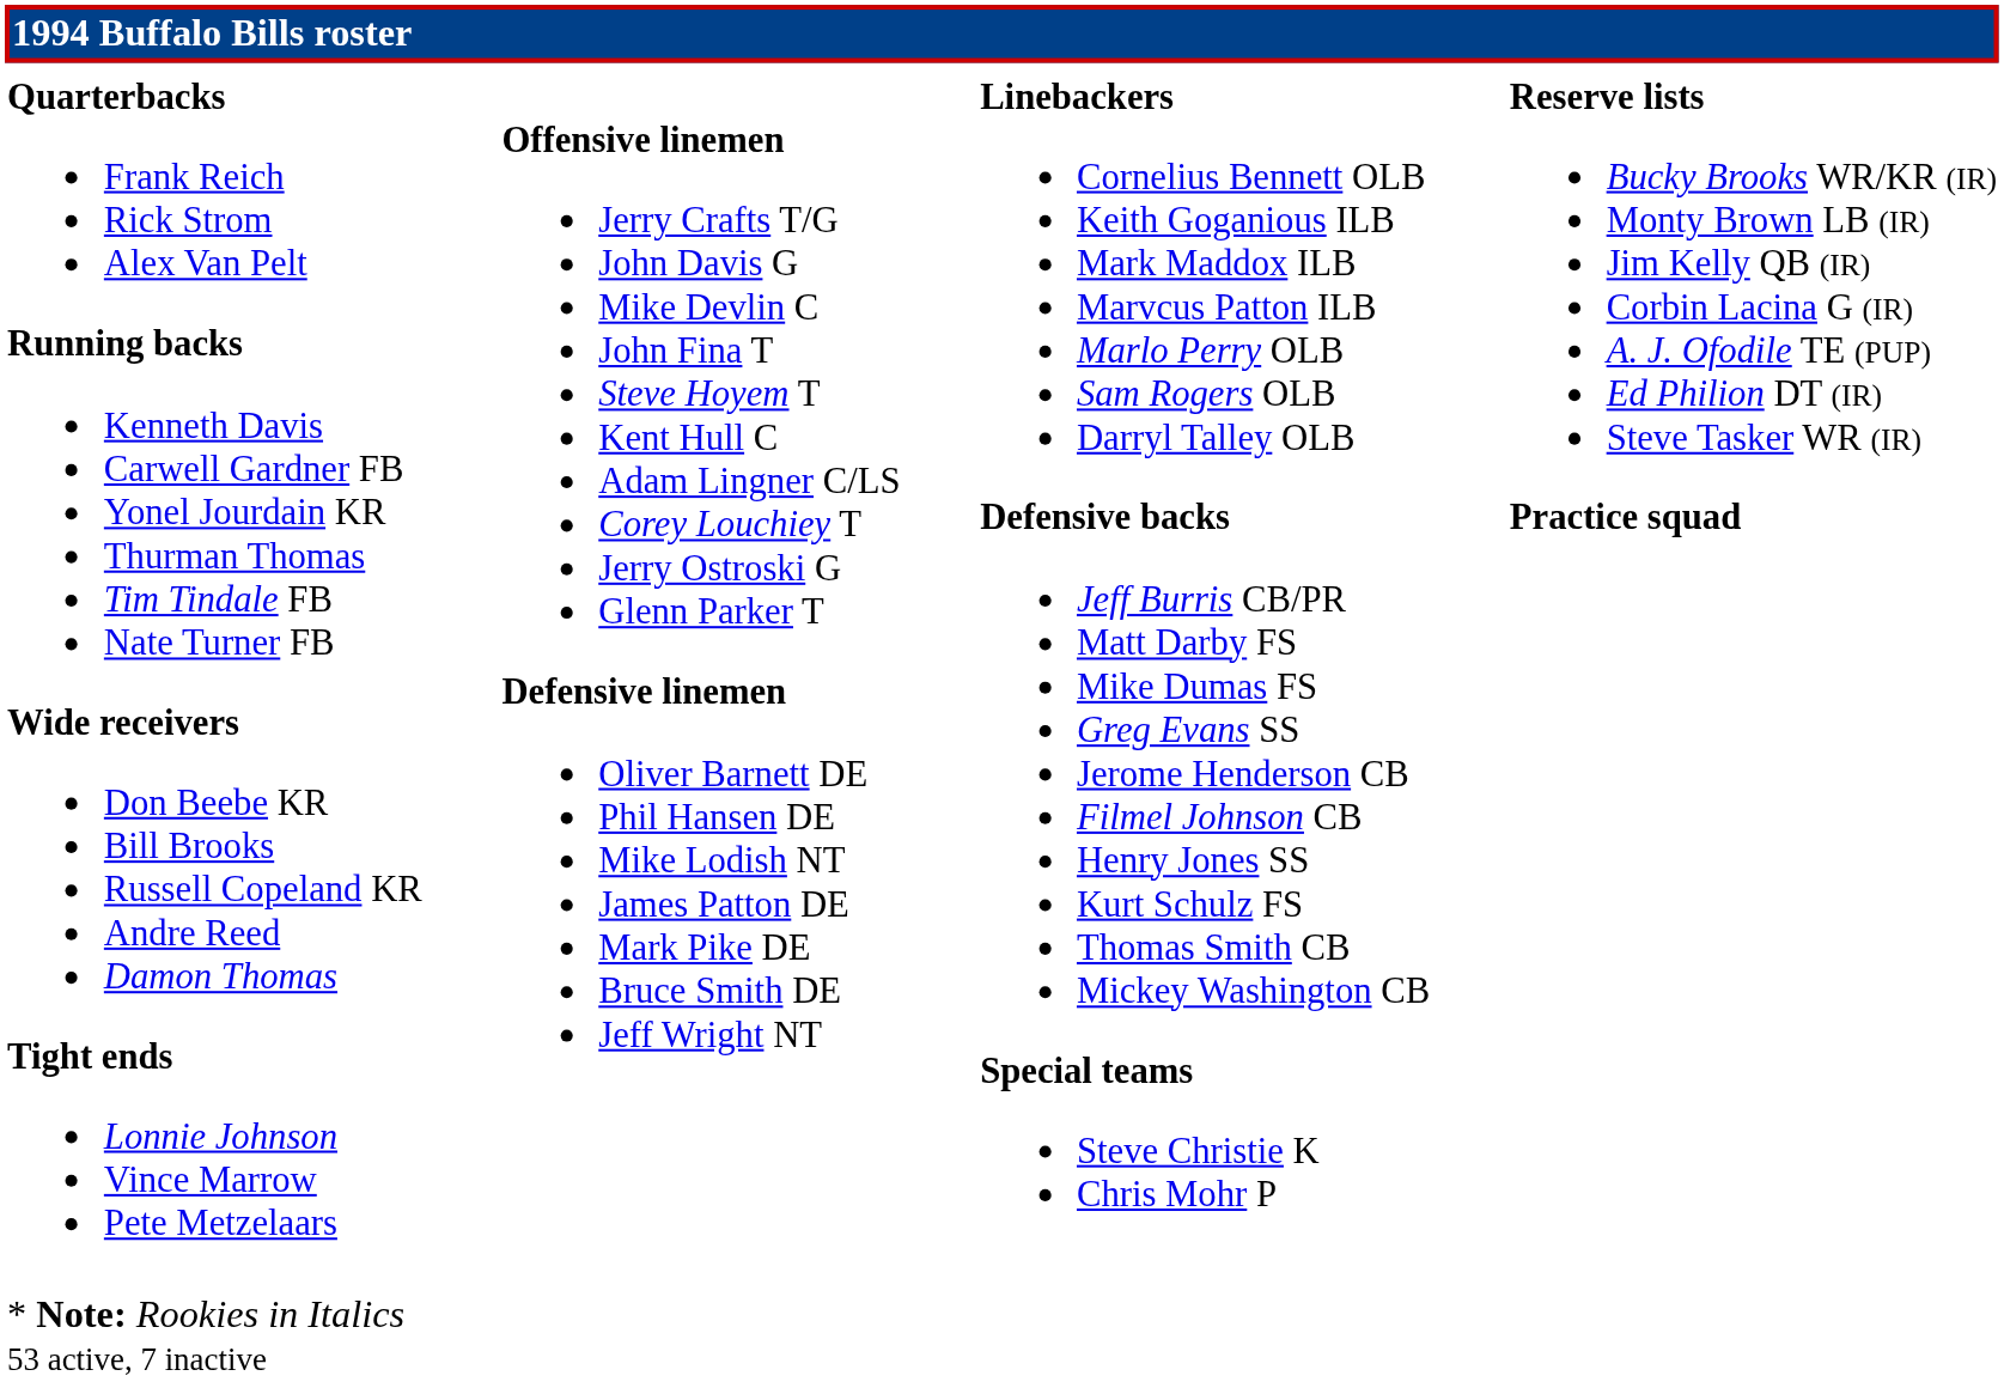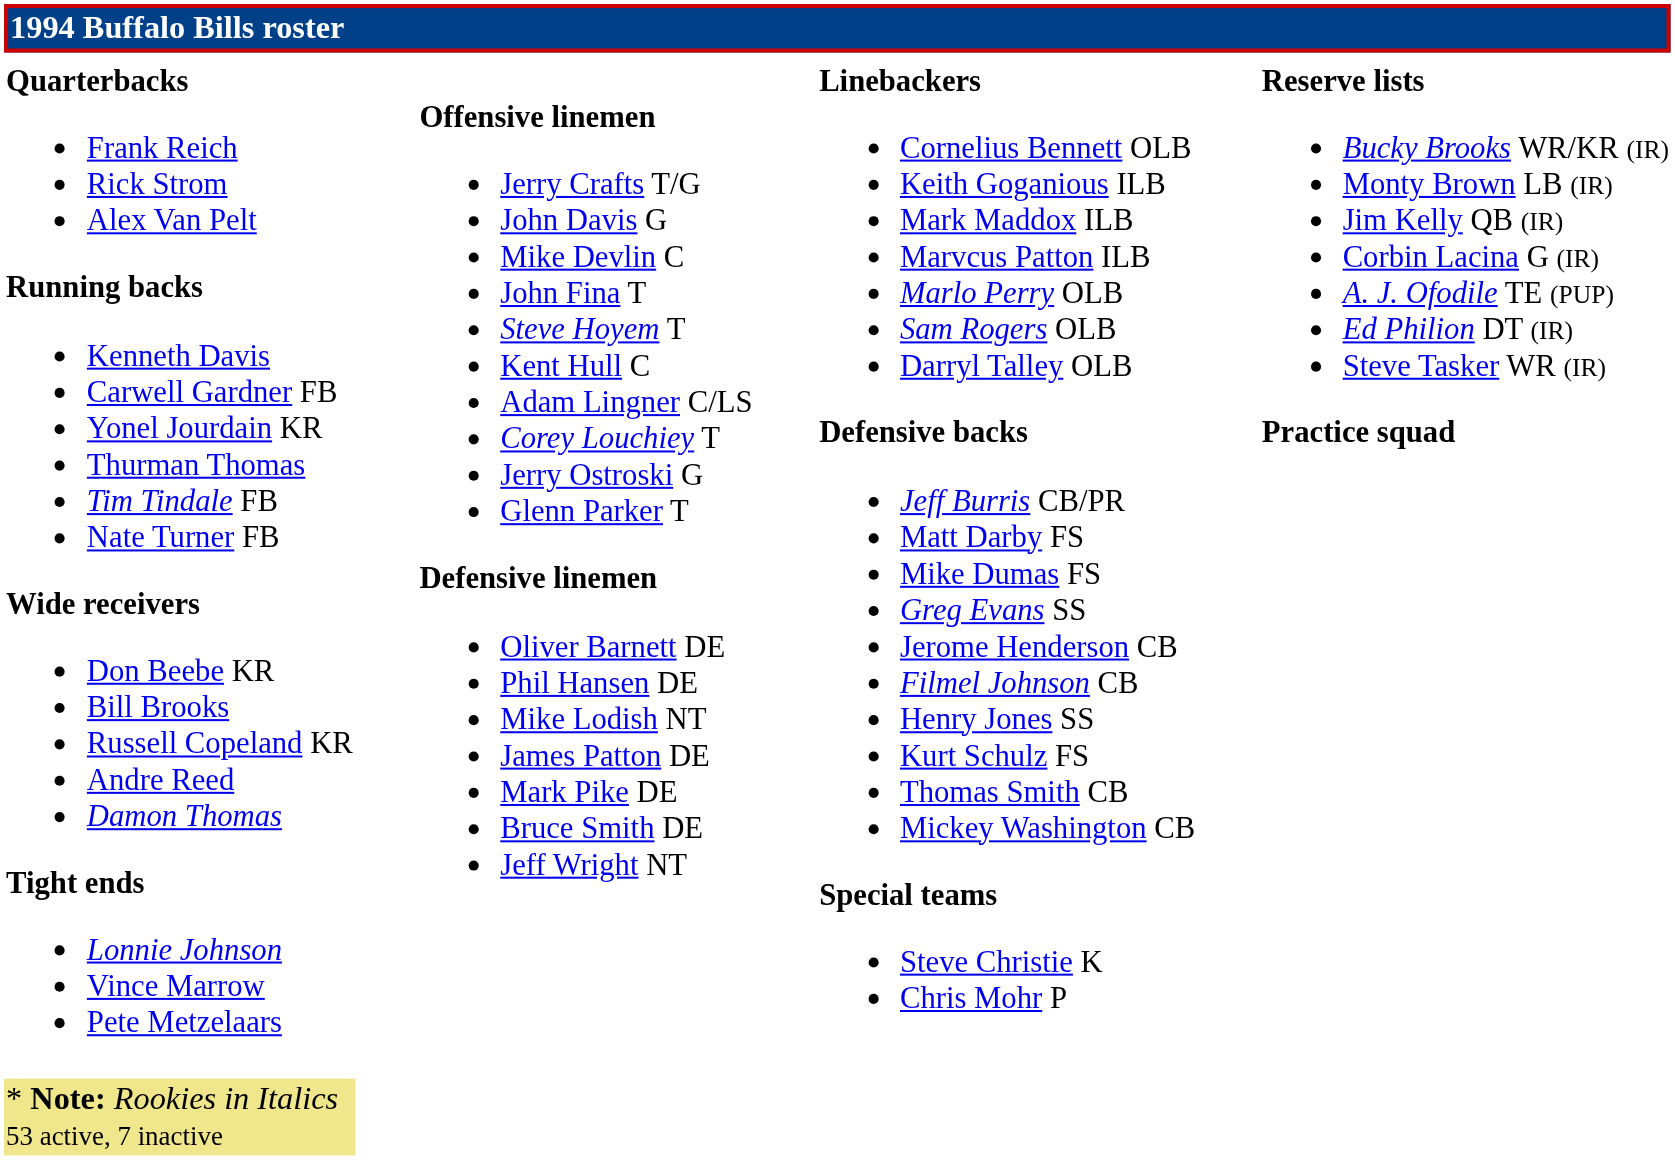 <table class="toccolours" style="text-align: left;">
 <tr>
 <th colspan="7" style="background-color: #004089;border:2px solid #cc0000; color:white;">1994 Buffalo Bills roster</th>
 </tr>
 <tr>
 </tr>
 <tr>
 <td style="font-size: 95%;" valign="top"><strong>Quarterbacks</strong><br><ul><li> <a href='#'>Frank Reich</a></li><li> <a href='#'>Rick Strom</a></li><li> <a href='#'>Alex Van Pelt</a></li></ul><strong>Running backs</strong><ul><li> <a href='#'>Kenneth Davis</a></li><li> <a href='#'>Carwell Gardner</a> FB</li><li> <a href='#'>Yonel Jourdain</a> KR</li><li> <a href='#'>Thurman Thomas</a></li><li> <em><a href='#'>Tim Tindale</a></em> FB</li><li> <a href='#'>Nate Turner</a> FB</li></ul><strong>Wide receivers</strong><ul><li> <a href='#'>Don Beebe</a> KR</li><li> <a href='#'>Bill Brooks</a></li><li> <a href='#'>Russell Copeland</a> KR</li><li> <a href='#'>Andre Reed</a></li><li> <em><a href='#'>Damon Thomas</a></em></li></ul><strong>Tight ends</strong><ul><li> <em><a href='#'>Lonnie Johnson</a></em></li><li> <a href='#'>Vince Marrow</a></li><li> <a href='#'>Pete Metzelaars</a></li></ul></td>
 <td style="width: 25px;"></td>
 <td style="font-size: 95%;" valign="top"><br><strong>Offensive linemen</strong><ul><li> <a href='#'>Jerry Crafts</a> T/G</li><li> <a href='#'>John Davis</a> G</li><li> <a href='#'>Mike Devlin</a> C</li><li> <a href='#'>John Fina</a> T</li><li> <em><a href='#'>Steve Hoyem</a></em> T</li><li> <a href='#'>Kent Hull</a> C</li><li> <a href='#'>Adam Lingner</a> C/LS</li><li> <em><a href='#'>Corey Louchiey</a></em> T</li><li> <a href='#'>Jerry Ostroski</a> G</li><li> <a href='#'>Glenn Parker</a> T</li></ul><strong>Defensive linemen</strong><ul><li> <a href='#'>Oliver Barnett</a> DE</li><li> <a href='#'>Phil Hansen</a> DE</li><li> <a href='#'>Mike Lodish</a> NT</li><li> <a href='#'>James Patton</a> DE</li><li> <a href='#'>Mark Pike</a> DE</li><li> <a href='#'>Bruce Smith</a> DE</li><li> <a href='#'>Jeff Wright</a> NT</li></ul></td>
 <td style="width: 25px;"></td>
 <td style="font-size: 95%;" valign="top"><strong>Linebackers</strong><br><ul><li> <a href='#'>Cornelius Bennett</a> OLB</li><li> <a href='#'>Keith Goganious</a> ILB</li><li> <a href='#'>Mark Maddox</a> ILB</li><li> <a href='#'>Marvcus Patton</a> ILB</li><li> <em><a href='#'>Marlo Perry</a></em> OLB</li><li> <em><a href='#'>Sam Rogers</a></em> OLB</li><li> <a href='#'>Darryl Talley</a> OLB</li></ul><strong>Defensive backs</strong><ul><li> <em><a href='#'>Jeff Burris</a></em> CB/PR</li><li> <a href='#'>Matt Darby</a> FS</li><li> <a href='#'>Mike Dumas</a> FS</li><li> <em><a href='#'>Greg Evans</a></em> SS</li><li> <a href='#'>Jerome Henderson</a> CB</li><li> <em><a href='#'>Filmel Johnson</a></em> CB</li><li> <a href='#'>Henry Jones</a> SS</li><li> <a href='#'>Kurt Schulz</a> FS</li><li> <a href='#'>Thomas Smith</a> CB</li><li> <a href='#'>Mickey Washington</a> CB</li></ul><strong>Special teams</strong><ul><li> <a href='#'>Steve Christie</a> K</li><li> <a href='#'>Chris Mohr</a> P</li></ul></td>
 <td style="width: 25px;"></td>
 <td style="font-size: 95%;" valign="top"><strong>Reserve lists</strong><br><ul><li> <em><a href='#'>Bucky Brooks</a></em> WR/KR <small>(IR)</small> </li><li> <a href='#'>Monty Brown</a> LB <small>(IR)</small> </li><li> <a href='#'>Jim Kelly</a> QB <small>(IR)</small> </li><li> <a href='#'>Corbin Lacina</a> G <small>(IR)</small> </li><li> <em><a href='#'>A. J. Ofodile</a></em> TE <small>(PUP)</small> </li><li> <em><a href='#'>Ed Philion</a></em> DT <small>(IR)</small> </li><li> <a href='#'>Steve Tasker</a> WR <small>(IR)</small> </li></ul><strong>Practice squad</strong></td>
 </tr>
 <tr>
-<td>* <strong>Note:</strong> <em>Rookies in Italics</em><br><small>53 active, 7 inactive</small></td>
+<td style="background: khaki;">* <strong>Note:</strong> <em>Rookies in Italics</em><br><small>53 active, 7 inactive</small></td>
 </tr>
 </table>
